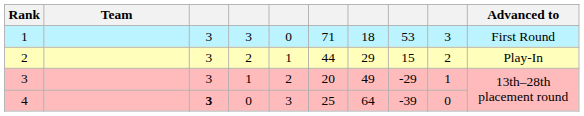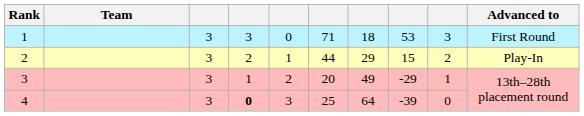 <table class="wikitable" style="text-align:center;">
 <tr>
 <th width=40>Rank</th>
 <th width=165>Team</th>
 <th width=40></th>
 <th width=40></th>
 <th width=40></th>
 <th width=40></th>
 <th width=40></th>
 <th width=40></th>
 <th width=40></th>
 <th width=125>Advanced to</th>
 </tr>
 <tr bgcolor=#bbf3ff>
 <td>1</td>
 <td style="text-align:left;"></td>
 <td>3</td>
 <td>3</td>
 <td>0</td>
 <td>71</td>
 <td>18</td>
 <td>53</td>
 <td>3</td>
 <td>First Round</td>
 </tr>
 <tr bgcolor=#ffffbb>
 <td>2</td>
 <td style="text-align:left;"></td>
 <td>3</td>
 <td>2</td>
 <td>1</td>
 <td>44</td>
 <td>29</td>
 <td>15</td>
 <td>2</td>
 <td>Play-In</td>
 </tr>
 <tr bgcolor=#ffbbbb>
 <td>3</td>
 <td style="text-align:left;"></td>
 <td>3</td>
 <td>1</td>
 <td>2</td>
 <td>20</td>
 <td>49</td>
 <td>-29</td>
 <td>1</td>
 <td rowspan=2>13th–28th placement round</td>
 </tr>
 <tr bgcolor=#ffbbbb>
 <td>4</td>
 <td style="text-align:left;"></td>
-<td><strong>3</strong></td>
-<td>0</td>
+<td>3</td>
+<td><strong>0</strong></td>
 <td>3</td>
 <td>25</td>
 <td>64</td>
 <td>-39</td>
 <td>0</td>
 </tr>
 </table>
